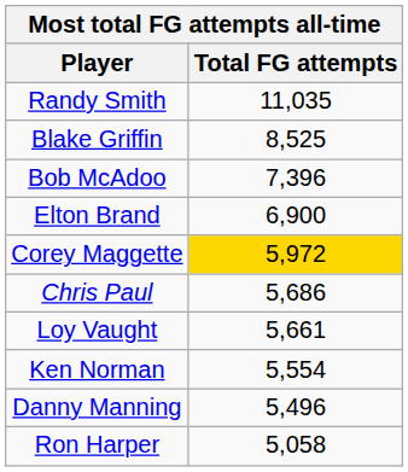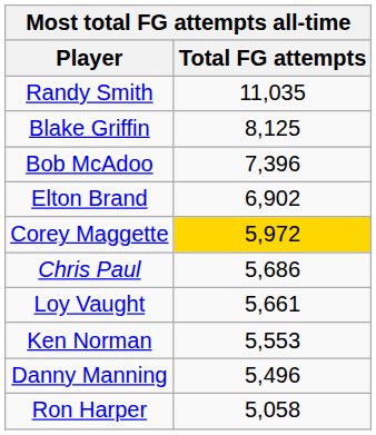 <table class="wikitable sortable" style="text-align:center">
 <tr>
 <th colspan="3">Most total FG attempts all-time</th>
 </tr>
 <tr>
 <th>Player</th>
 <th>Total FG attempts</th>
 </tr>
 <tr>
 <td><a href='#'>Randy Smith</a></td>
 <td>11,035</td>
 </tr>
 <tr>
 <td><a href='#'>Blake Griffin</a></td>
-<td>8,525</td>
+<td>8,125</td>
 </tr>
 <tr>
 <td><a href='#'>Bob McAdoo</a></td>
 <td>7,396</td>
 </tr>
 <tr>
 <td><a href='#'>Elton Brand</a></td>
-<td>6,900</td>
+<td>6,902</td>
 </tr>
 <tr>
 <td><a href='#'>Corey Maggette</a></td>
 <td style="background: gold;">5,972</td>
 </tr>
 <tr>
 <td><em><a href='#'>Chris Paul</a></em></td>
 <td>5,686</td>
 </tr>
 <tr>
 <td><a href='#'>Loy Vaught</a></td>
 <td>5,661</td>
 </tr>
 <tr>
 <td><a href='#'>Ken Norman</a></td>
-<td>5,554</td>
+<td>5,553</td>
 </tr>
 <tr>
 <td><a href='#'>Danny Manning</a></td>
 <td>5,496</td>
 </tr>
 <tr>
 <td><a href='#'>Ron Harper</a></td>
 <td>5,058</td>
 </tr>
 </table>
